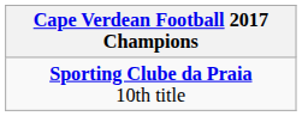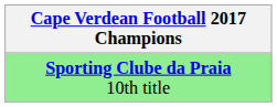 <table class="wikitable" style="margin: 0 auto; width: 240px;">
 <tr>
 <th><a href='#'>Cape Verdean Football</a> 2017<br>Champions</th>
 </tr>
 <tr>
-<td align=center><strong><a href='#'>Sporting Clube da Praia</a></strong><br>10th title</td>
+<td align=center style="background: lightgreen;"><strong><a href='#'>Sporting Clube da Praia</a></strong><br>10th title</td>
 </tr>
 </table>
